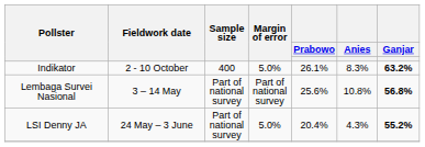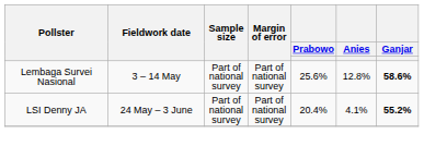 <table class="wikitable" style="text-align:center; font-size:90%; line-height:14px;">
 <tr style="height:55px; background-color:#E9E9E9">
 <th rowspan="3" style="width:200px;">Pollster</th>
 <th rowspan="3" style="width:180px;">Fieldwork date</th>
 <th rowspan="3" style="width:60px;">Sample size</th>
 <th rowspan="3" style="width:60px;">Margin of error</th>
 <th style="width:60px;"></th>
 <th style="width:60px;"></th>
 <th style="width:60px;"></th>
 </tr>
 <tr>
 <th><a href='#'>Prabowo</a> <br></th>
 <th><a href='#'>Anies</a> <br></th>
 <th><a href='#'>Ganjar</a> <br></th>
 </tr>
 <tr>
 <th class="unsortable" style="color:inherit;background:"></th>
 <th class="unsortable" style="color:inherit;background:"></th>
 <th class="unsortable" style="color:inherit;background:"></th>
 </tr>
 <tr>
-<td>Indikator</td>
-<td>2 - 10 October</td>
-<td>400</td>
-<td>5.0%</td>
-<td>26.1%</td>
-<td>8.3%</td>
-<td style="background-color:#"><strong>63.2%</strong></td>
-</tr>
-<tr>
 <td>Lembaga Survei Nasional</td>
 <td>3 – 14 May</td>
 <td>Part of national survey</td>
 <td>Part of national survey</td>
 <td>25.6%</td>
-<td>10.8%</td>
-<td style="background-color:#"><strong>56.8%</strong></td>
+<td>12.8%</td>
+<td style="background-color:#"><strong>58.6%</strong></td>
 </tr>
 <tr>
 <td>LSI Denny JA</td>
 <td>24 May – 3 June</td>
 <td>Part of national survey</td>
-<td>5.0%</td>
+<td>Part of national survey</td>
 <td>20.4%</td>
-<td>4.3%</td>
+<td>4.1%</td>
 <td style="background-color:#"><strong>55.2%</strong></td>
 </tr>
 <tr>
 </tr>
 </table>
